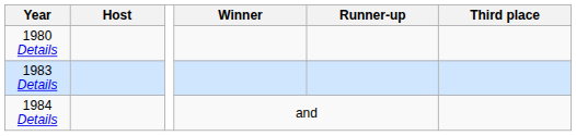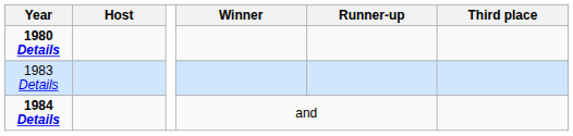 <table class="wikitable" style="text-align:center; font-size:90%; width:100%">
 <tr>
 <th width=5%>Year</th>
 <th width=10%>Host</th>
 <th rowspan="5" style="width:1%; background:#fff;"></th>
 <th width=14%>Winner</th>
 <th width=14%>Runner-up</th>
 <th width=14%>Third place</th>
 </tr>
 <tr>
-<td>1980 <br> <em><a href='#'>Details</a></em></td>
+<td><strong>1980 <br> <em><a href='#'>Details</a></em></strong></td>
 <td align=left></td>
 <td><strong></strong></td>
 <td></td>
 <td></td>
 </tr>
 <tr style="background: #D0E6FF;">
 <td>1983 <br> <em><a href='#'>Details</a></em></td>
 <td align=left></td>
 <td><strong></strong></td>
 <td></td>
 <td></td>
 </tr>
 <tr>
-<td>1984 <br> <em><a href='#'>Details</a></em></td>
+<td><strong>1984 <br> <em><a href='#'>Details</a></em></strong></td>
 <td align=left></td>
 <td colspan=2><strong></strong> and <strong></strong></td>
 <td></td>
 </tr>
 </table>
